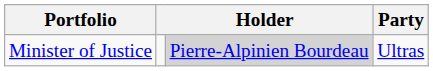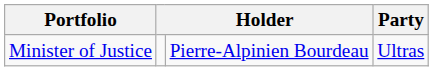 <table class="wikitable">
 <tr>
 <th>Portfolio</th>
 <th colspan=2>Holder</th>
 <th>Party</th>
 </tr>
 <tr>
 <td><a href='#'>Minister of Justice</a></td>
 <td style="background:"></td>
-<td style="background: lightgrey;"><a href='#'>Pierre-Alpinien Bourdeau</a></td>
+<td><a href='#'>Pierre-Alpinien Bourdeau</a></td>
 <td><a href='#'>Ultras</a></td>
 </tr>
 </table>
